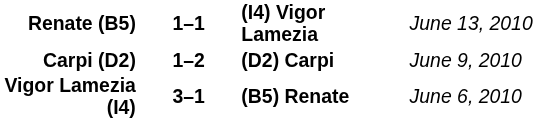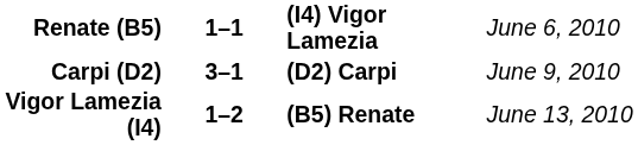 <table width="100%" cellspacing="1">
 <tr>
 <th width="20%"></th>
 <th width="12%"></th>
 <th width="20%"></th>
 <th width="20%'"></th>
 <th></th>
 </tr>
 <tr style="font-size:90%;">
 <td align="right"><strong>Renate (B5)</strong></td>
 <td align="center"><strong>1–1</strong></td>
 <td align="left"><strong>(I4) Vigor Lamezia</strong></td>
-<td align="left"><em>June 13, 2010</em></td>
+<td align="left"><em>June 6, 2010</em></td>
 </tr>
 <tr style="font-size:90%;">
 <td align="right"><strong>Carpi  (D2)</strong></td>
-<td align="center"><strong>1–2</strong></td>
+<td align="center"><strong>3–1</strong></td>
 <td align="left"><strong>(D2) Carpi</strong></td>
 <td align="left"><em>June 9, 2010</em></td>
 </tr>
 <tr style="font-size:90%;">
 <td align="right"><strong>Vigor Lamezia (I4)</strong></td>
-<td align="center"><strong>3–1</strong></td>
+<td align="center"><strong>1–2</strong></td>
 <td align="left"><strong>(B5) Renate</strong></td>
-<td align="left"><em>June 6, 2010</em></td>
+<td align="left"><em>June 13, 2010</em></td>
 </tr>
 </table>
